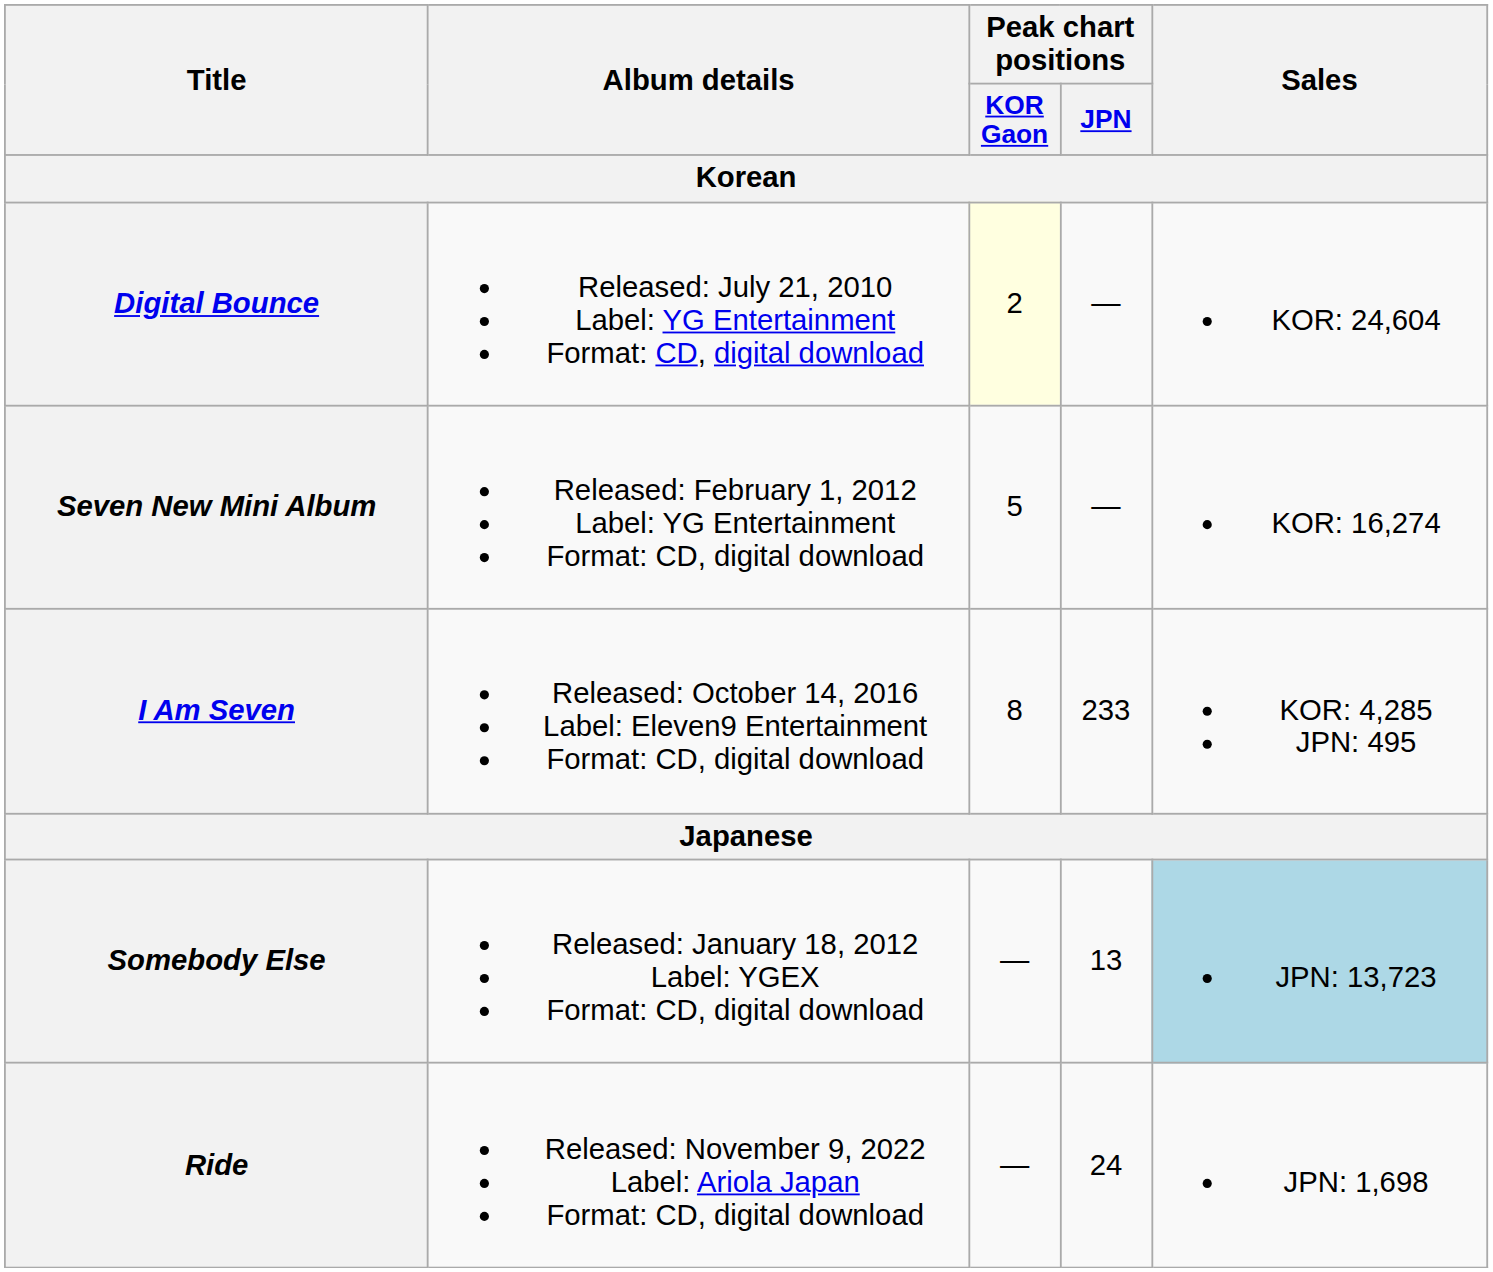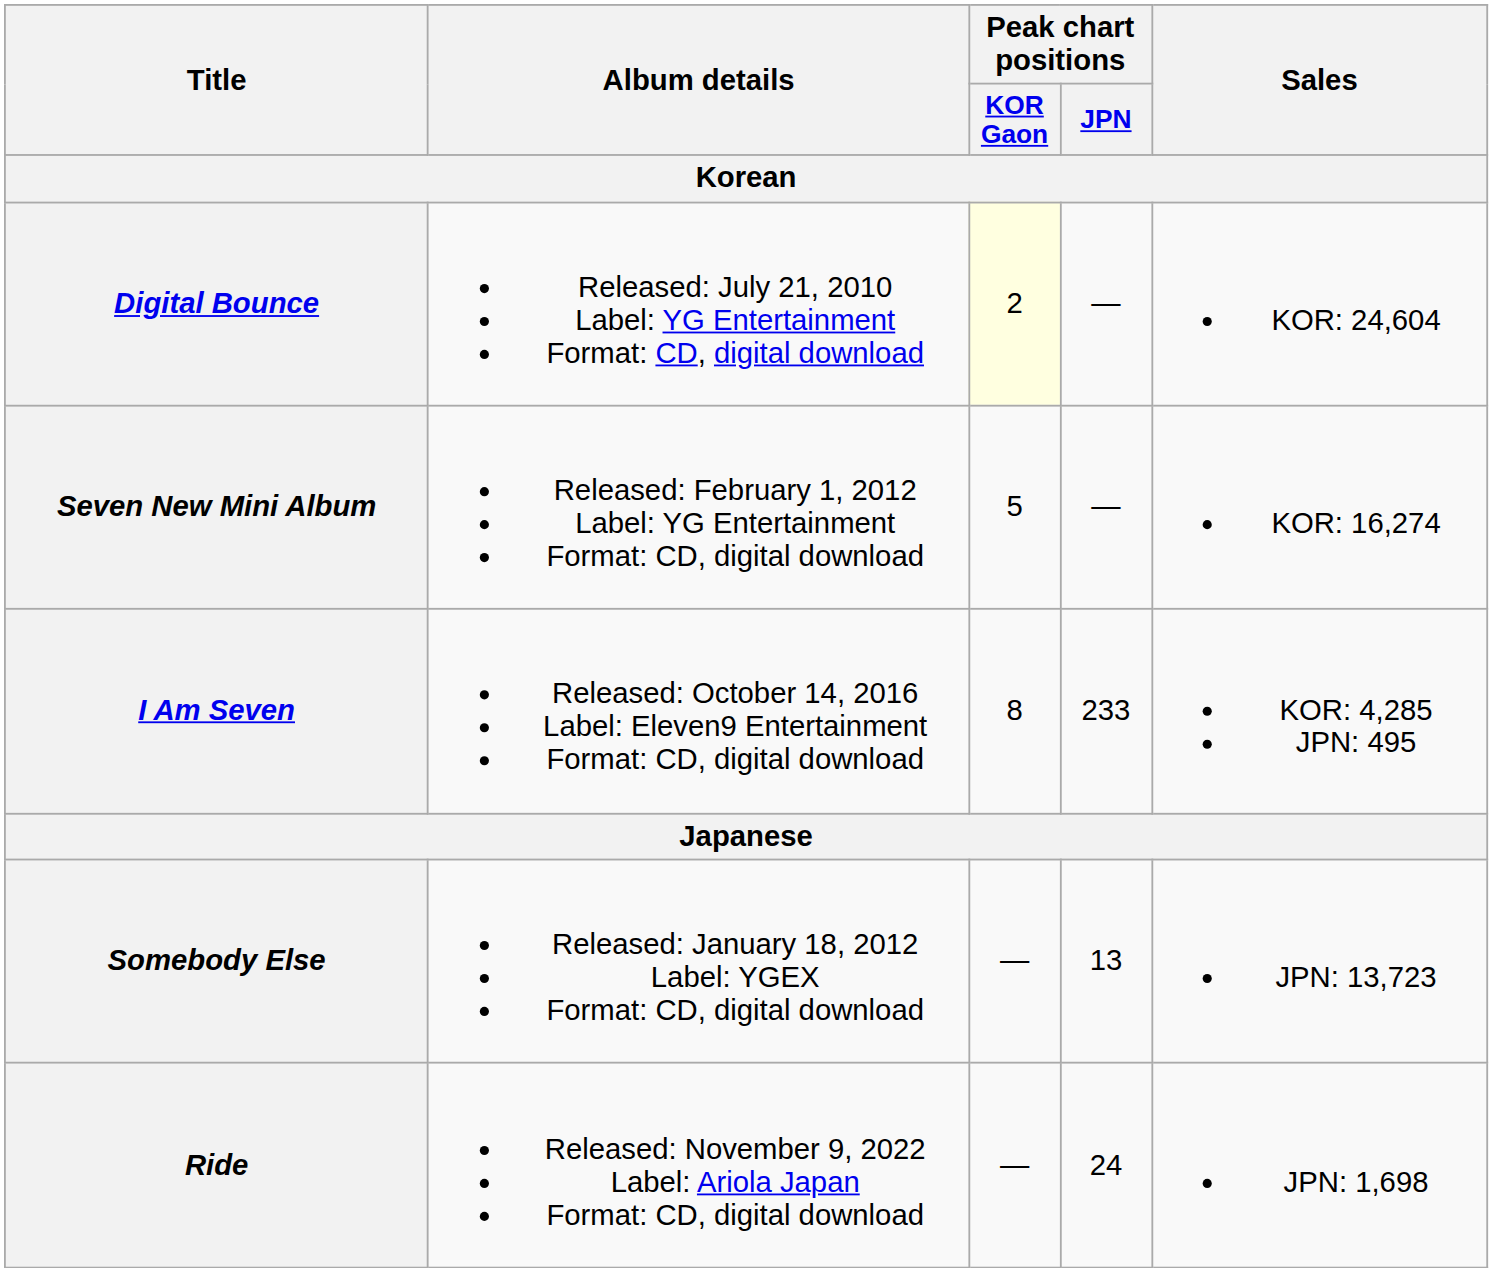 <table class="wikitable plainrowheaders" style="text-align:center;" border="1">
 <tr>
 <th scope="col" rowspan="2" style="width:14em;">Title</th>
 <th scope="col" rowspan="2" style="width:18em;">Album details</th>
 <th scope="col" colspan="2">Peak chart positions</th>
 <th scope="col" rowspan="2" style="width:11em;">Sales</th>
 </tr>
 <tr>
 <th scope="col" style="width:3em;font-size:90%;"><a href='#'>KOR Gaon</a><br></th>
 <th scope="col" style="width:3em;font-size:90%;"><a href='#'>JPN</a><br></th>
 </tr>
 <tr>
 <th scope="col" colspan="5">Korean</th>
 </tr>
 <tr>
 <th scope="row"><em><a href='#'>Digital Bounce</a></em></th>
 <td><br><ul><li>Released: July 21, 2010</li><li>Label: <a href='#'>YG Entertainment</a></li><li>Format: <a href='#'>CD</a>, <a href='#'>digital download</a></li></ul></td>
 <td style="background: lightyellow;">2</td>
 <td>—</td>
 <td><br><ul><li>KOR: 24,604</li></ul></td>
 </tr>
 <tr>
 <th scope="row"><em>Seven New Mini Album</em></th>
 <td><br><ul><li>Released: February 1, 2012</li><li>Label: YG Entertainment</li><li>Format: CD, digital download</li></ul></td>
 <td>5</td>
 <td>—</td>
 <td><br><ul><li>KOR: 16,274</li></ul></td>
 </tr>
 <tr>
 <th scope="row"><em><a href='#'>I Am Seven</a></em></th>
 <td><br><ul><li>Released: October 14, 2016</li><li>Label: Eleven9 Entertainment</li><li>Format: CD, digital download</li></ul></td>
 <td>8</td>
 <td>233</td>
 <td><br><ul><li>KOR: 4,285</li><li>JPN: 495</li></ul></td>
 </tr>
 <tr>
 <th scope="col" colspan="5">Japanese</th>
 </tr>
 <tr>
 <th scope="row"><em>Somebody Else</em></th>
 <td><br><ul><li>Released: January 18, 2012</li><li>Label: YGEX</li><li>Format: CD, digital download</li></ul></td>
 <td>—</td>
 <td>13</td>
-<td style="background: lightblue;"><br><ul><li>JPN: 13,723</li></ul></td>
+<td><br><ul><li>JPN: 13,723</li></ul></td>
 </tr>
 <tr>
 <th scope="row"><em>Ride</em></th>
 <td><br><ul><li>Released: November 9, 2022</li><li>Label: <a href='#'>Ariola Japan</a></li><li>Format: CD, digital download</li></ul></td>
 <td>—</td>
 <td>24</td>
 <td><br><ul><li>JPN: 1,698</li></ul></td>
 </tr>
 </table>
